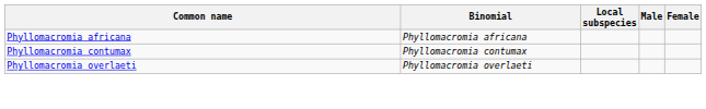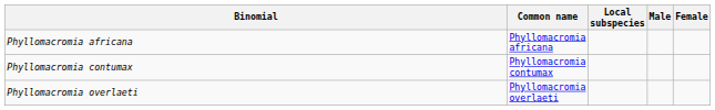 <table width=80% class="wikitable">
 <tr>
+<th width=100%>Binomial</th>
 <th width=70%>Common name</th>
-<th width=100%>Binomial</th>
 <th width=20%>Local subspecies</th>
 <th width=20%>Male</th>
 <th width=20%>Female</th>
 </tr>
 <tr>
+<td><em>Phyllomacromia africana</em></td>
 <td><a href='#'>Phyllomacromia africana</a></td>
-<td><em>Phyllomacromia africana</em></td>
 <td></td>
 <td></td>
 <td></td>
 </tr>
 <tr>
+<td><em>Phyllomacromia contumax</em></td>
 <td><a href='#'>Phyllomacromia contumax</a></td>
-<td><em>Phyllomacromia contumax</em></td>
 <td></td>
 <td></td>
 <td></td>
 </tr>
 <tr>
+<td><em>Phyllomacromia overlaeti</em></td>
 <td><a href='#'>Phyllomacromia overlaeti</a></td>
-<td><em>Phyllomacromia overlaeti</em></td>
 <td></td>
 <td></td>
 <td></td>
 </tr>
 </table>
